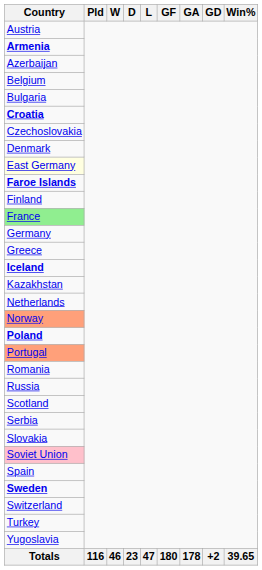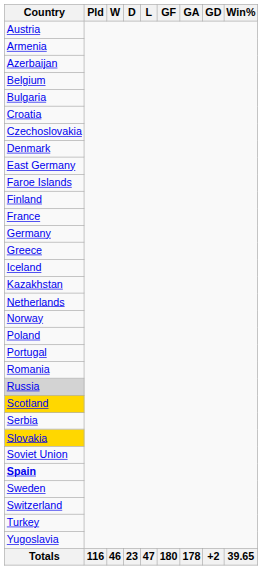 <table class="wikitable sortable" style="text-align:center">
 <tr>
 <th>Country</th>
 <th>Pld</th>
 <th>W</th>
 <th>D</th>
 <th>L</th>
 <th>GF</th>
 <th>GA</th>
 <th>GD</th>
 <th>Win%</th>
 </tr>
 <tr>
 <td align=left> <a href='#'>Austria</a><br></td>
 </tr>
 <tr>
-<td align=left><strong> <a href='#'>Armenia</a><br></strong></td>
+<td align=left> <a href='#'>Armenia</a><br></td>
 </tr>
 <tr>
 <td align=left> <a href='#'>Azerbaijan</a><br></td>
 </tr>
 <tr>
 <td align=left> <a href='#'>Belgium</a><br></td>
 </tr>
 <tr>
 <td align=left> <a href='#'>Bulgaria</a><br></td>
 </tr>
 <tr>
-<td align=left><strong> <a href='#'>Croatia</a><br></strong></td>
+<td align=left> <a href='#'>Croatia</a><br></td>
 </tr>
 <tr>
 <td align=left> <a href='#'>Czechoslovakia</a><br></td>
 </tr>
 <tr>
 <td align=left> <a href='#'>Denmark</a><br></td>
 </tr>
 <tr>
-<td align=left style="background: lightyellow;"> <a href='#'>East Germany</a><br></td>
+<td align=left> <a href='#'>East Germany</a><br></td>
 </tr>
 <tr>
-<td align=left><strong> <a href='#'>Faroe Islands</a><br></strong></td>
+<td align=left> <a href='#'>Faroe Islands</a><br></td>
 </tr>
 <tr>
 <td align=left> <a href='#'>Finland</a><br></td>
 </tr>
 <tr>
-<td align=left style="background: lightgreen;"> <a href='#'>France</a><br></td>
+<td align=left> <a href='#'>France</a><br></td>
 </tr>
 <tr>
 <td align=left> <a href='#'>Germany</a><br></td>
 </tr>
 <tr>
 <td align=left> <a href='#'>Greece</a><br></td>
 </tr>
 <tr>
-<td align=left><strong> <a href='#'>Iceland</a><br></strong></td>
+<td align=left> <a href='#'>Iceland</a><br></td>
 </tr>
 <tr>
 <td align=left> <a href='#'>Kazakhstan</a><br></td>
 </tr>
 <tr>
 <td align=left> <a href='#'>Netherlands</a><br></td>
 </tr>
 <tr>
-<td align=left style="background: lightsalmon;"> <a href='#'>Norway</a><br></td>
+<td align=left> <a href='#'>Norway</a><br></td>
 </tr>
 <tr>
-<td align=left><strong> <a href='#'>Poland</a><br></strong></td>
+<td align=left> <a href='#'>Poland</a><br></td>
 </tr>
 <tr>
-<td align=left style="background: lightsalmon;"> <a href='#'>Portugal</a><br></td>
+<td align=left> <a href='#'>Portugal</a><br></td>
 </tr>
 <tr>
 <td align=left> <a href='#'>Romania</a><br></td>
 </tr>
 <tr>
-<td align=left> <a href='#'>Russia</a><br></td>
+<td align=left style="background: lightgrey;"> <a href='#'>Russia</a><br></td>
 </tr>
 <tr>
-<td align=left> <a href='#'>Scotland</a><br></td>
+<td align=left style="background: gold;"> <a href='#'>Scotland</a><br></td>
 </tr>
 <tr>
 <td align=left> <a href='#'>Serbia</a><br></td>
 </tr>
 <tr>
-<td align=left> <a href='#'>Slovakia</a><br></td>
+<td align=left style="background: gold;"> <a href='#'>Slovakia</a><br></td>
 </tr>
 <tr>
-<td align=left style="background: pink;"> <a href='#'>Soviet Union</a><br></td>
+<td align=left> <a href='#'>Soviet Union</a><br></td>
 </tr>
 <tr>
-<td align=left> <a href='#'>Spain</a><br></td>
+<td align=left><strong> <a href='#'>Spain</a><br></strong></td>
 </tr>
 <tr>
-<td align=left><strong> <a href='#'>Sweden</a><br></strong></td>
+<td align=left> <a href='#'>Sweden</a><br></td>
 </tr>
 <tr>
 <td align=left> <a href='#'>Switzerland</a><br></td>
 </tr>
 <tr>
 <td align=left> <a href='#'>Turkey</a><br></td>
 </tr>
 <tr>
 <td align=left> <a href='#'>Yugoslavia</a><br></td>
 </tr>
 <tr class="sortbottom">
 <th>Totals</th>
 <th><strong>116</strong></th>
 <th><strong>46</strong></th>
 <th><strong>23</strong></th>
 <th><strong>47</strong></th>
 <th><strong>180</strong></th>
 <th><strong>178</strong></th>
 <th><strong>+2</strong></th>
 <th><strong>39.65</strong></th>
 </tr>
 </table>
